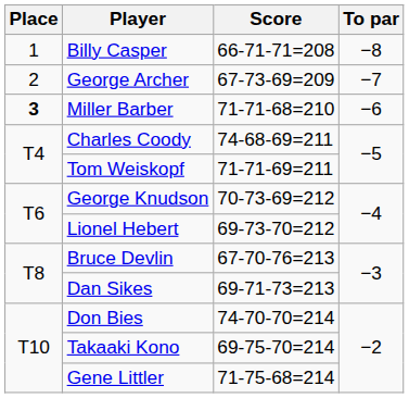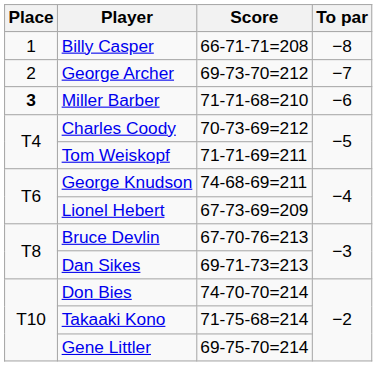 <table class="wikitable">
 <tr>
 <th>Place</th>
 <th>Player</th>
 <th>Score</th>
 <th>To par</th>
 </tr>
 <tr>
 <td align="center">1</td>
 <td> <a href='#'>Billy Casper</a></td>
 <td>66-71-71=208</td>
 <td align="center">−8</td>
 </tr>
 <tr>
 <td align="center">2</td>
 <td> <a href='#'>George Archer</a></td>
-<td>67-73-69=209</td>
+<td>69-73-70=212</td>
 <td align="center">−7</td>
 </tr>
 <tr>
 <td align="center"><strong>3</strong></td>
 <td> <a href='#'>Miller Barber</a></td>
 <td>71-71-68=210</td>
 <td align="center">−6</td>
 </tr>
 <tr>
 <td rowspan="2" align="center">T4</td>
 <td> <a href='#'>Charles Coody</a></td>
-<td>74-68-69=211</td>
+<td>70-73-69=212</td>
 <td rowspan="2" align="center">−5</td>
 </tr>
 <tr>
 <td> <a href='#'>Tom Weiskopf</a></td>
 <td>71-71-69=211</td>
 </tr>
 <tr>
 <td rowspan="2" align="center">T6</td>
 <td> <a href='#'>George Knudson</a></td>
-<td>70-73-69=212</td>
+<td>74-68-69=211</td>
 <td rowspan="2" align="center">−4</td>
 </tr>
 <tr>
 <td> <a href='#'>Lionel Hebert</a></td>
-<td>69-73-70=212</td>
+<td>67-73-69=209</td>
 </tr>
 <tr>
 <td rowspan="2" align="center">T8</td>
 <td> <a href='#'>Bruce Devlin</a></td>
 <td>67-70-76=213</td>
 <td rowspan="2" align="center">−3</td>
 </tr>
 <tr>
 <td> <a href='#'>Dan Sikes</a></td>
 <td>69-71-73=213</td>
 </tr>
 <tr>
 <td rowspan="3" align="center">T10</td>
 <td> <a href='#'>Don Bies</a></td>
 <td>74-70-70=214</td>
 <td rowspan="3" align="center">−2</td>
 </tr>
 <tr>
 <td> <a href='#'>Takaaki Kono</a></td>
-<td>69-75-70=214</td>
+<td>71-75-68=214</td>
 </tr>
 <tr>
 <td> <a href='#'>Gene Littler</a></td>
-<td>71-75-68=214</td>
+<td>69-75-70=214</td>
 </tr>
 </table>
